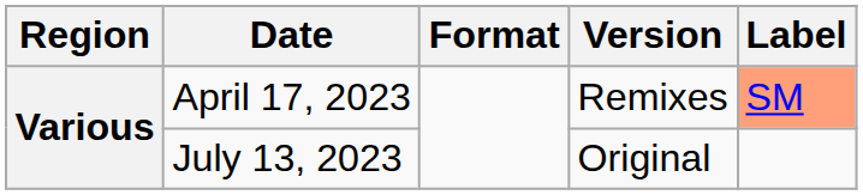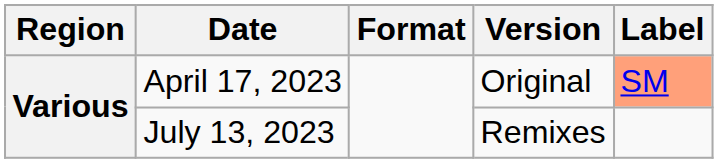 <table class="wikitable plainrowheaders">
 <tr>
 <th scope="col">Region</th>
 <th scope="col">Date</th>
 <th scope="col">Format</th>
 <th scope="col">Version</th>
 <th scope="col">Label</th>
 </tr>
 <tr>
 <th scope="row" rowspan="2">Various</th>
 <td>April 17, 2023</td>
 <td rowspan="2"></td>
-<td>Remixes</td>
+<td>Original</td>
 <td style="background: lightsalmon;"><a href='#'>SM</a></td>
 </tr>
 <tr>
 <td>July 13, 2023</td>
-<td>Original</td>
+<td>Remixes</td>
 <td></td>
 </tr>
 </table>
